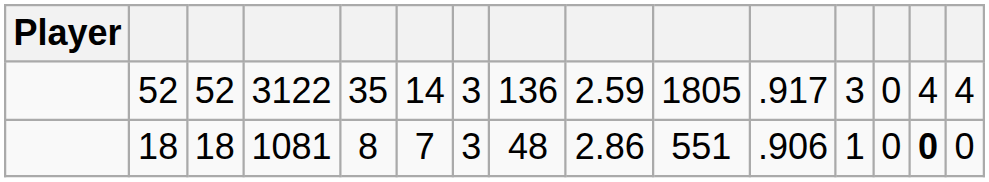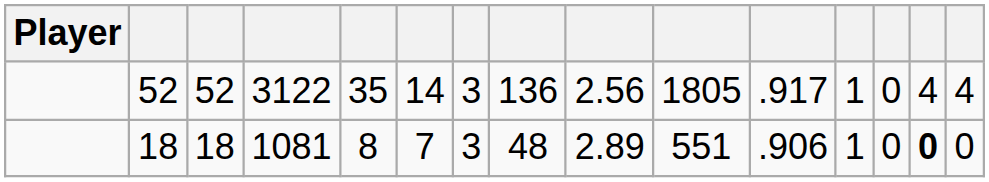 <table class="wikitable sortable" style="text-align:center;">
 <tr>
 <th>Player</th>
 <th></th>
 <th></th>
 <th></th>
 <th></th>
 <th></th>
 <th></th>
 <th></th>
 <th></th>
 <th></th>
 <th></th>
 <th></th>
 <th></th>
 <th></th>
 <th></th>
 </tr>
 <tr>
 <td></td>
 <td>52</td>
 <td>52</td>
 <td>3122</td>
 <td>35</td>
 <td>14</td>
 <td>3</td>
 <td>136</td>
-<td>2.59</td>
+<td>2.56</td>
 <td>1805</td>
 <td>.917</td>
-<td>3</td>
+<td>1</td>
 <td>0</td>
 <td>4</td>
 <td>4</td>
 </tr>
 <tr>
 <td></td>
 <td>18</td>
 <td>18</td>
 <td>1081</td>
 <td>8</td>
 <td>7</td>
 <td>3</td>
 <td>48</td>
-<td>2.86</td>
+<td>2.89</td>
 <td>551</td>
 <td>.906</td>
 <td>1</td>
 <td>0</td>
 <td><strong>0</strong></td>
 <td>0</td>
 </tr>
 </table>
